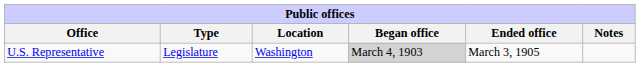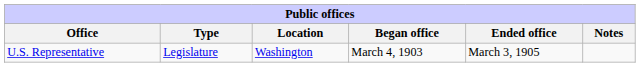 <table class=wikitable style="width: 94%" style="text-align: center;" align="center">
 <tr bgcolor=#cccccc>
 <th colspan=7 style="background: #ccccff;">Public offices</th>
 </tr>
 <tr>
 <th><strong>Office</strong></th>
 <th><strong>Type</strong></th>
 <th><strong>Location</strong></th>
 <th><strong>Began office</strong></th>
 <th><strong>Ended office</strong></th>
 <th><strong>Notes</strong></th>
 </tr>
 <tr>
 <td><a href='#'>U.S. Representative</a></td>
 <td><a href='#'>Legislature</a></td>
 <td><a href='#'>Washington</a></td>
-<td style="background: lightgrey;">March 4, 1903</td>
+<td>March 4, 1903</td>
 <td>March 3, 1905</td>
 <td></td>
 </tr>
 </table>
